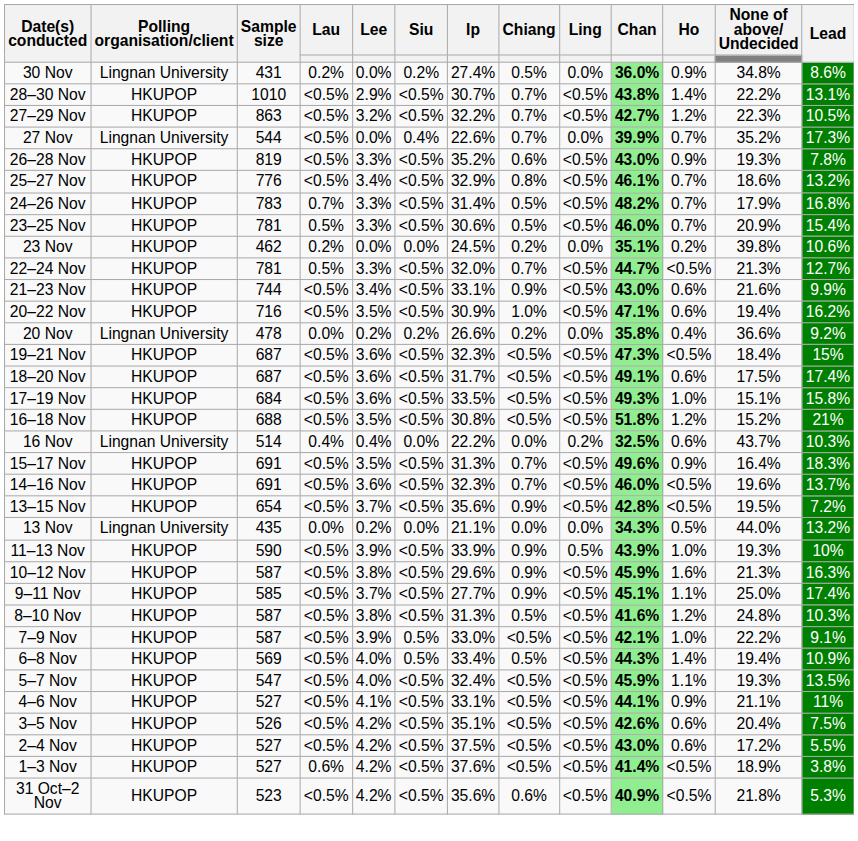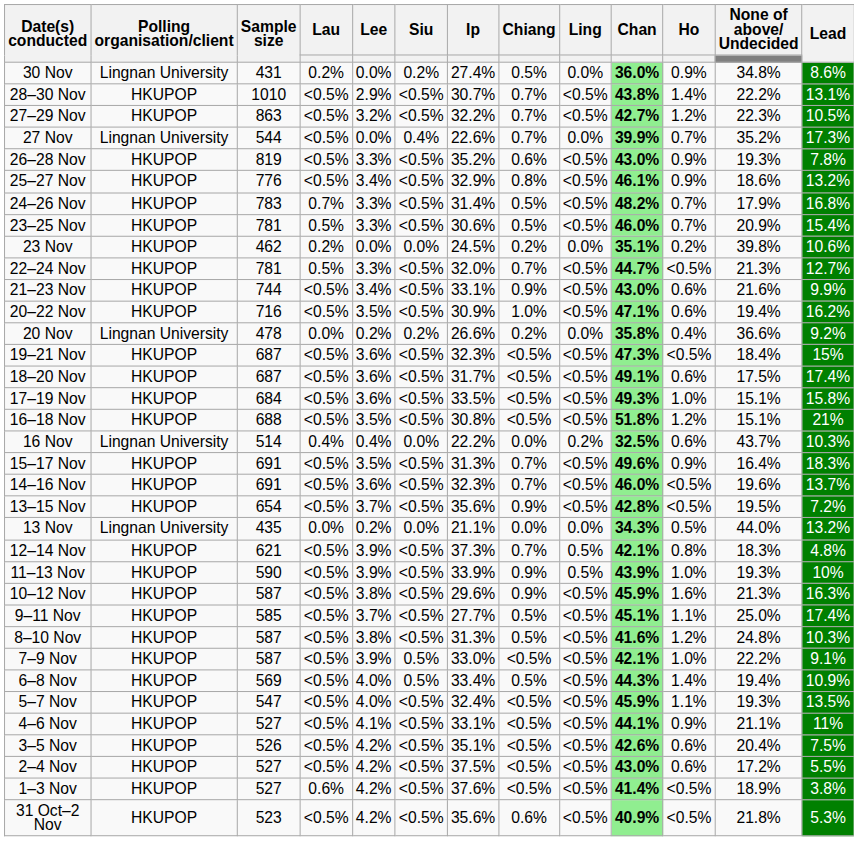 <table class="wikitable sortable" style="text-align:center;font-size:95%;line-height:14px">
 <tr>
 <th rowspan=2>Date(s)<br>conducted</th>
 <th rowspan=2>Polling organisation/client</th>
 <th rowspan=2>Sample size</th>
 <th>Lau</th>
 <th>Lee</th>
 <th>Siu</th>
 <th>Ip</th>
 <th>Chiang</th>
 <th>Ling</th>
 <th>Chan</th>
 <th>Ho</th>
 <th>None of above/<br>Undecided</th>
 <th rowspan=2>Lead</th>
 </tr>
 <tr>
 <th class="unsortable" style="color:inherit;background:"></th>
 <th class="unsortable" style="color:inherit;background:"></th>
 <th class="unsortable" style="color:inherit;background:"></th>
 <th class="unsortable" style="color:inherit;background:"></th>
 <th class="unsortable" style="color:inherit;background:"></th>
 <th class="unsortable" style="color:inherit;background:"></th>
 <th class="unsortable" style="color:inherit;background:"></th>
 <th class="unsortable" style="color:inherit;background:"></th>
 <th class="unsortable" style="color:inherit;background:grey; width:60px;"></th>
 </tr>
 <tr>
 <td>30 Nov</td>
 <td>Lingnan University</td>
 <td>431</td>
 <td>0.2%</td>
 <td>0.0%</td>
 <td>0.2%</td>
 <td>27.4%</td>
 <td>0.5%</td>
 <td>0.0%</td>
 <td align="center" style="background:LightGreen"><strong>36.0%</strong></td>
 <td>0.9%</td>
 <td>34.8%</td>
 <td style="background:Green; color:white;">8.6%</td>
 </tr>
 <tr>
 <td>28–30 Nov</td>
 <td>HKUPOP</td>
 <td>1010</td>
 <td><0.5%</td>
 <td>2.9%</td>
 <td><0.5%</td>
 <td>30.7%</td>
 <td>0.7%</td>
 <td><0.5%</td>
 <td align=center style="background:LightGreen"><strong>43.8%</strong></td>
 <td>1.4%</td>
 <td>22.2%</td>
 <td style="background:Green; color:white;">13.1%</td>
 </tr>
 <tr>
 <td>27–29 Nov</td>
 <td>HKUPOP</td>
 <td>863</td>
 <td><0.5%</td>
 <td>3.2%</td>
 <td><0.5%</td>
 <td>32.2%</td>
 <td>0.7%</td>
 <td><0.5%</td>
 <td style="background:LightGreen"><strong>42.7%</strong></td>
 <td>1.2%</td>
 <td>22.3%</td>
 <td style="background:Green; color:white;">10.5%</td>
 </tr>
 <tr>
 <td>27 Nov</td>
 <td>Lingnan University</td>
 <td>544</td>
 <td><0.5%</td>
 <td>0.0%</td>
 <td>0.4%</td>
 <td>22.6%</td>
 <td>0.7%</td>
 <td>0.0%</td>
 <td align="center" style="background:LightGreen"><strong>39.9%</strong></td>
 <td>0.7%</td>
 <td>35.2%</td>
 <td style="background:Green; color:white;">17.3%</td>
 </tr>
 <tr>
 <td>26–28 Nov</td>
 <td>HKUPOP</td>
 <td>819</td>
 <td><0.5%</td>
 <td>3.3%</td>
 <td><0.5%</td>
 <td>35.2%</td>
 <td>0.6%</td>
 <td><0.5%</td>
 <td style="background:LightGreen"><strong>43.0%</strong></td>
 <td>0.9%</td>
 <td>19.3%</td>
 <td style="background:Green; color:white;">7.8%</td>
 </tr>
 <tr>
 <td>25–27 Nov</td>
 <td>HKUPOP</td>
 <td>776</td>
 <td><0.5%</td>
 <td>3.4%</td>
 <td><0.5%</td>
 <td>32.9%</td>
 <td>0.8%</td>
 <td><0.5%</td>
 <td style="background:LightGreen"><strong>46.1%</strong></td>
-<td>0.7%</td>
+<td>0.9%</td>
 <td>18.6%</td>
 <td style="background:Green; color:white;">13.2%</td>
 </tr>
 <tr>
 <td>24–26 Nov</td>
 <td>HKUPOP</td>
 <td>783</td>
 <td>0.7%</td>
 <td>3.3%</td>
 <td><0.5%</td>
 <td>31.4%</td>
 <td>0.5%</td>
 <td><0.5%</td>
 <td style="background:LightGreen"><strong>48.2%</strong></td>
 <td>0.7%</td>
 <td>17.9%</td>
 <td style="background:Green; color:white;">16.8%</td>
 </tr>
 <tr>
 <td>23–25 Nov</td>
 <td>HKUPOP</td>
 <td>781</td>
 <td>0.5%</td>
 <td>3.3%</td>
 <td><0.5%</td>
 <td>30.6%</td>
 <td>0.5%</td>
 <td><0.5%</td>
 <td style="background:LightGreen"><strong>46.0%</strong></td>
 <td>0.7%</td>
 <td>20.9%</td>
 <td style="background:Green; color:white;">15.4%</td>
 </tr>
 <tr>
 <td>23 Nov</td>
 <td>HKUPOP</td>
 <td>462</td>
 <td>0.2%</td>
 <td>0.0%</td>
 <td>0.0%</td>
 <td>24.5%</td>
 <td>0.2%</td>
 <td>0.0%</td>
 <td style="background:LightGreen"><strong>35.1%</strong></td>
 <td>0.2%</td>
 <td>39.8%</td>
 <td style="background:Green; color:white;">10.6%</td>
 </tr>
 <tr>
 <td>22–24 Nov</td>
 <td>HKUPOP</td>
 <td>781</td>
 <td>0.5%</td>
 <td>3.3%</td>
 <td><0.5%</td>
 <td>32.0%</td>
 <td>0.7%</td>
 <td><0.5%</td>
 <td style="background:LightGreen"><strong>44.7%</strong></td>
 <td><0.5%</td>
 <td>21.3%</td>
 <td style="background:Green; color:white;">12.7%</td>
 </tr>
 <tr>
 <td>21–23 Nov</td>
 <td>HKUPOP</td>
 <td>744</td>
 <td><0.5%</td>
 <td>3.4%</td>
 <td><0.5%</td>
 <td>33.1%</td>
 <td>0.9%</td>
 <td><0.5%</td>
 <td style="background:LightGreen"><strong>43.0%</strong></td>
 <td>0.6%</td>
 <td>21.6%</td>
 <td style="background:Green; color:white;">9.9%</td>
 </tr>
 <tr>
 <td>20–22 Nov</td>
 <td>HKUPOP</td>
 <td>716</td>
 <td><0.5%</td>
 <td>3.5%</td>
 <td><0.5%</td>
 <td>30.9%</td>
 <td>1.0%</td>
 <td><0.5%</td>
 <td style="background:LightGreen"><strong>47.1%</strong></td>
 <td>0.6%</td>
 <td>19.4%</td>
 <td style="background:Green; color:white;">16.2%</td>
 </tr>
 <tr>
 <td>20 Nov</td>
 <td>Lingnan University</td>
 <td>478</td>
 <td>0.0%</td>
 <td>0.2%</td>
 <td>0.2%</td>
 <td>26.6%</td>
 <td>0.2%</td>
 <td>0.0%</td>
 <td style="background:LightGreen"><strong>35.8%</strong></td>
 <td>0.4%</td>
 <td>36.6%</td>
 <td style="background:Green; color:white;">9.2%</td>
 </tr>
 <tr>
 <td>19–21 Nov</td>
 <td>HKUPOP</td>
 <td>687</td>
 <td><0.5%</td>
 <td>3.6%</td>
 <td><0.5%</td>
 <td>32.3%</td>
 <td><0.5%</td>
 <td><0.5%</td>
 <td style="background:LightGreen"><strong>47.3%</strong></td>
 <td><0.5%</td>
 <td>18.4%</td>
 <td style="background:Green; color:white;">15%</td>
 </tr>
 <tr>
 <td>18–20 Nov</td>
 <td>HKUPOP</td>
 <td>687</td>
 <td><0.5%</td>
 <td>3.6%</td>
 <td><0.5%</td>
 <td>31.7%</td>
 <td><0.5%</td>
 <td><0.5%</td>
 <td style="background:LightGreen"><strong>49.1%</strong></td>
 <td>0.6%</td>
 <td>17.5%</td>
 <td style="background:Green; color:white;">17.4%</td>
 </tr>
 <tr>
 <td>17–19 Nov</td>
 <td>HKUPOP</td>
 <td>684</td>
 <td><0.5%</td>
 <td>3.6%</td>
 <td><0.5%</td>
 <td>33.5%</td>
 <td><0.5%</td>
 <td><0.5%</td>
 <td style="background:LightGreen"><strong>49.3%</strong></td>
 <td>1.0%</td>
 <td>15.1%</td>
 <td style="background:Green; color:white;">15.8%</td>
 </tr>
 <tr>
 <td>16–18 Nov</td>
 <td>HKUPOP</td>
 <td>688</td>
 <td><0.5%</td>
 <td>3.5%</td>
 <td><0.5%</td>
 <td>30.8%</td>
 <td><0.5%</td>
 <td><0.5%</td>
 <td style="background:LightGreen"><strong>51.8%</strong></td>
 <td>1.2%</td>
-<td>15.2%</td>
+<td>15.1%</td>
 <td style="background:Green; color:white;">21%</td>
 </tr>
 <tr>
 <td>16 Nov</td>
 <td>Lingnan University</td>
 <td>514</td>
 <td>0.4%</td>
 <td>0.4%</td>
 <td>0.0%</td>
 <td>22.2%</td>
 <td>0.0%</td>
 <td>0.2%</td>
 <td style="background:LightGreen"><strong>32.5%</strong></td>
 <td>0.6%</td>
 <td>43.7%</td>
 <td style="background:Green; color:white;">10.3%</td>
 </tr>
 <tr>
 <td>15–17 Nov</td>
 <td>HKUPOP</td>
 <td>691</td>
 <td><0.5%</td>
 <td>3.5%</td>
 <td><0.5%</td>
 <td>31.3%</td>
 <td>0.7%</td>
 <td><0.5%</td>
 <td style="background:LightGreen"><strong>49.6%</strong></td>
 <td>0.9%</td>
 <td>16.4%</td>
 <td style="background:Green; color:white;">18.3%</td>
 </tr>
 <tr>
 <td>14–16 Nov</td>
 <td>HKUPOP</td>
 <td>691</td>
 <td><0.5%</td>
 <td>3.6%</td>
 <td><0.5%</td>
 <td>32.3%</td>
 <td>0.7%</td>
 <td><0.5%</td>
 <td style="background:LightGreen"><strong>46.0%</strong></td>
 <td><0.5%</td>
 <td>19.6%</td>
 <td style="background:Green; color:white;">13.7%</td>
 </tr>
 <tr>
 <td>13–15 Nov</td>
 <td>HKUPOP</td>
 <td>654</td>
 <td><0.5%</td>
 <td>3.7%</td>
 <td><0.5%</td>
 <td>35.6%</td>
 <td>0.9%</td>
 <td><0.5%</td>
 <td style="background:LightGreen"><strong>42.8%</strong></td>
 <td><0.5%</td>
 <td>19.5%</td>
 <td style="background:Green; color:white;">7.2%</td>
 </tr>
 <tr>
 <td>13 Nov</td>
 <td>Lingnan University</td>
 <td>435</td>
 <td>0.0%</td>
 <td>0.2%</td>
 <td>0.0%</td>
 <td>21.1%</td>
 <td>0.0%</td>
 <td>0.0%</td>
 <td style="background:LightGreen"><strong>34.3%</strong></td>
 <td>0.5%</td>
 <td>44.0%</td>
 <td style="background:Green; color:white;">13.2%</td>
 </tr>
 <tr>
+<td>12–14 Nov</td>
+<td>HKUPOP</td>
+<td>621</td>
+<td><0.5%</td>
+<td>3.9%</td>
+<td><0.5%</td>
+<td>37.3%</td>
+<td>0.7%</td>
+<td>0.5%</td>
+<td style="background:LightGreen"><strong>42.1%</strong></td>
+<td>0.8%</td>
+<td>18.3%</td>
+<td style="background:Green; color:white;">4.8%</td>
+</tr>
+<tr>
 <td>11–13 Nov</td>
 <td>HKUPOP</td>
 <td>590</td>
 <td><0.5%</td>
 <td>3.9%</td>
 <td><0.5%</td>
 <td>33.9%</td>
 <td>0.9%</td>
 <td>0.5%</td>
 <td style="background:LightGreen"><strong>43.9%</strong></td>
 <td>1.0%</td>
 <td>19.3%</td>
 <td style="background:Green; color:white;">10%</td>
 </tr>
 <tr>
 <td>10–12 Nov</td>
 <td>HKUPOP</td>
 <td>587</td>
 <td><0.5%</td>
 <td>3.8%</td>
 <td><0.5%</td>
 <td>29.6%</td>
 <td>0.9%</td>
 <td><0.5%</td>
 <td style="background:LightGreen"><strong>45.9%</strong></td>
 <td>1.6%</td>
 <td>21.3%</td>
 <td style="background:Green; color:white;">16.3%</td>
 </tr>
 <tr>
 <td>9–11 Nov</td>
 <td>HKUPOP</td>
 <td>585</td>
 <td><0.5%</td>
 <td>3.7%</td>
 <td><0.5%</td>
 <td>27.7%</td>
-<td>0.9%</td>
+<td>0.5%</td>
 <td><0.5%</td>
 <td style="background:LightGreen"><strong>45.1%</strong></td>
 <td>1.1%</td>
 <td>25.0%</td>
 <td style="background:Green; color:white;">17.4%</td>
 </tr>
 <tr>
 <td>8–10 Nov</td>
 <td>HKUPOP</td>
 <td>587</td>
 <td><0.5%</td>
 <td>3.8%</td>
 <td><0.5%</td>
 <td>31.3%</td>
 <td>0.5%</td>
 <td><0.5%</td>
 <td style="background:LightGreen"><strong>41.6%</strong></td>
 <td>1.2%</td>
 <td>24.8%</td>
 <td style="background:Green; color:white;">10.3%</td>
 </tr>
 <tr>
 <td>7–9 Nov</td>
 <td>HKUPOP</td>
 <td>587</td>
 <td><0.5%</td>
 <td>3.9%</td>
 <td>0.5%</td>
 <td>33.0%</td>
 <td><0.5%</td>
 <td><0.5%</td>
 <td style="background:LightGreen"><strong>42.1%</strong></td>
 <td>1.0%</td>
 <td>22.2%</td>
 <td style="background:Green; color:white;">9.1%</td>
 </tr>
 <tr>
 <td>6–8 Nov</td>
 <td>HKUPOP</td>
 <td>569</td>
 <td><0.5%</td>
 <td>4.0%</td>
 <td>0.5%</td>
 <td>33.4%</td>
 <td>0.5%</td>
 <td><0.5%</td>
 <td style="background:LightGreen"><strong>44.3%</strong></td>
 <td>1.4%</td>
 <td>19.4%</td>
 <td style="background:Green; color:white;">10.9%</td>
 </tr>
 <tr>
 <td>5–7 Nov</td>
 <td>HKUPOP</td>
 <td>547</td>
 <td><0.5%</td>
 <td>4.0%</td>
 <td><0.5%</td>
 <td>32.4%</td>
 <td><0.5%</td>
 <td><0.5%</td>
 <td style="background:LightGreen"><strong>45.9%</strong></td>
 <td>1.1%</td>
 <td>19.3%</td>
 <td style="background:Green; color:white;">13.5%</td>
 </tr>
 <tr>
 <td>4–6 Nov</td>
 <td>HKUPOP</td>
 <td>527</td>
 <td><0.5%</td>
 <td>4.1%</td>
 <td><0.5%</td>
 <td>33.1%</td>
 <td><0.5%</td>
 <td><0.5%</td>
 <td style="background:LightGreen"><strong>44.1%</strong></td>
 <td>0.9%</td>
 <td>21.1%</td>
 <td style="background:Green; color:white;">11%</td>
 </tr>
 <tr>
 <td>3–5 Nov</td>
 <td>HKUPOP</td>
 <td>526</td>
 <td><0.5%</td>
 <td>4.2%</td>
 <td><0.5%</td>
 <td>35.1%</td>
 <td><0.5%</td>
 <td><0.5%</td>
 <td style="background:LightGreen"><strong>42.6%</strong></td>
 <td>0.6%</td>
 <td>20.4%</td>
 <td style="background:Green; color:white;">7.5%</td>
 </tr>
 <tr>
 <td>2–4 Nov</td>
 <td>HKUPOP</td>
 <td>527</td>
 <td><0.5%</td>
 <td>4.2%</td>
 <td><0.5%</td>
 <td>37.5%</td>
 <td><0.5%</td>
 <td><0.5%</td>
 <td style="background:LightGreen"><strong>43.0%</strong></td>
 <td>0.6%</td>
 <td>17.2%</td>
 <td style="background:Green; color:white;">5.5%</td>
 </tr>
 <tr>
 <td>1–3 Nov</td>
 <td>HKUPOP</td>
 <td>527</td>
 <td>0.6%</td>
 <td>4.2%</td>
 <td><0.5%</td>
 <td>37.6%</td>
 <td><0.5%</td>
 <td><0.5%</td>
 <td style="background:LightGreen"><strong>41.4%</strong></td>
 <td><0.5%</td>
 <td>18.9%</td>
 <td style="background:Green; color:white;">3.8%</td>
 </tr>
 <tr>
 <td>31 Oct–2 Nov</td>
 <td>HKUPOP</td>
 <td>523</td>
 <td><0.5%</td>
 <td>4.2%</td>
 <td><0.5%</td>
 <td>35.6%</td>
 <td>0.6%</td>
 <td><0.5%</td>
 <td style="background:LightGreen"><strong>40.9%</strong></td>
 <td><0.5%</td>
 <td>21.8%</td>
 <td style="background:Green; color:white;">5.3%</td>
 </tr>
 </table>
